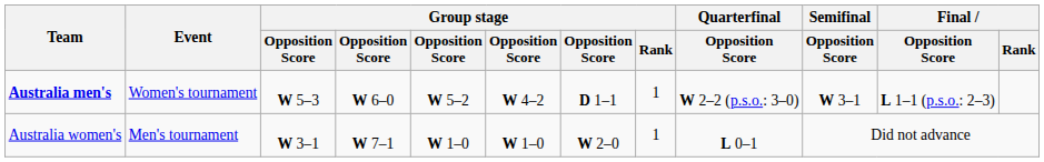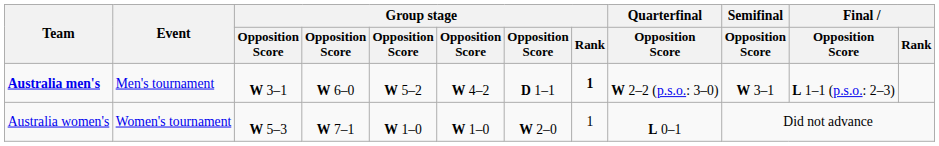 <table class=wikitable style=font-size:90%;text-align:center>
 <tr>
 <th rowspan=2>Team</th>
 <th rowspan=2>Event</th>
 <th colspan=6>Group stage</th>
 <th>Quarterfinal</th>
 <th>Semifinal</th>
 <th colspan=2>Final / </th>
 </tr>
 <tr style=font-size:95%>
 <th>Opposition<br>Score</th>
 <th>Opposition<br>Score</th>
 <th>Opposition<br>Score</th>
 <th>Opposition<br>Score</th>
 <th>Opposition<br>Score</th>
 <th>Rank</th>
 <th>Opposition<br>Score</th>
 <th>Opposition<br>Score</th>
 <th>Opposition<br>Score</th>
 <th>Rank</th>
 </tr>
 <tr>
 <td align=left><strong><a href='#'>Australia men's</a></strong></td>
-<td align=left><a href='#'>Women's tournament</a></td>
-<td><br><strong>W</strong> 5–3</td>
+<td align=left><a href='#'>Men's tournament</a></td>
+<td><br><strong>W</strong> 3–1</td>
 <td><br><strong>W</strong> 6–0</td>
 <td><br><strong>W</strong> 5–2</td>
 <td><br><strong>W</strong> 4–2</td>
 <td><br><strong>D</strong> 1–1</td>
-<td>1</td>
+<td><strong>1</strong></td>
 <td><br><strong>W</strong> 2–2 (<a href='#'>p.s.o.</a>: 3–0)</td>
 <td><br><strong>W</strong> 3–1</td>
 <td><br><strong>L</strong> 1–1 (<a href='#'>p.s.o.</a>: 2–3)</td>
 <td></td>
 </tr>
 <tr>
 <td align=left><a href='#'>Australia women's</a></td>
-<td align=left><a href='#'>Men's tournament</a></td>
-<td><br><strong>W</strong> 3–1</td>
+<td align=left><a href='#'>Women's tournament</a></td>
+<td><br><strong>W</strong> 5–3</td>
 <td><br><strong>W</strong> 7–1</td>
 <td><br><strong>W</strong> 1–0</td>
 <td><br><strong>W</strong> 1–0</td>
 <td><br><strong>W</strong> 2–0</td>
 <td>1</td>
 <td><br><strong>L</strong> 0–1</td>
 <td colspan=3>Did not advance</td>
 </tr>
 </table>
